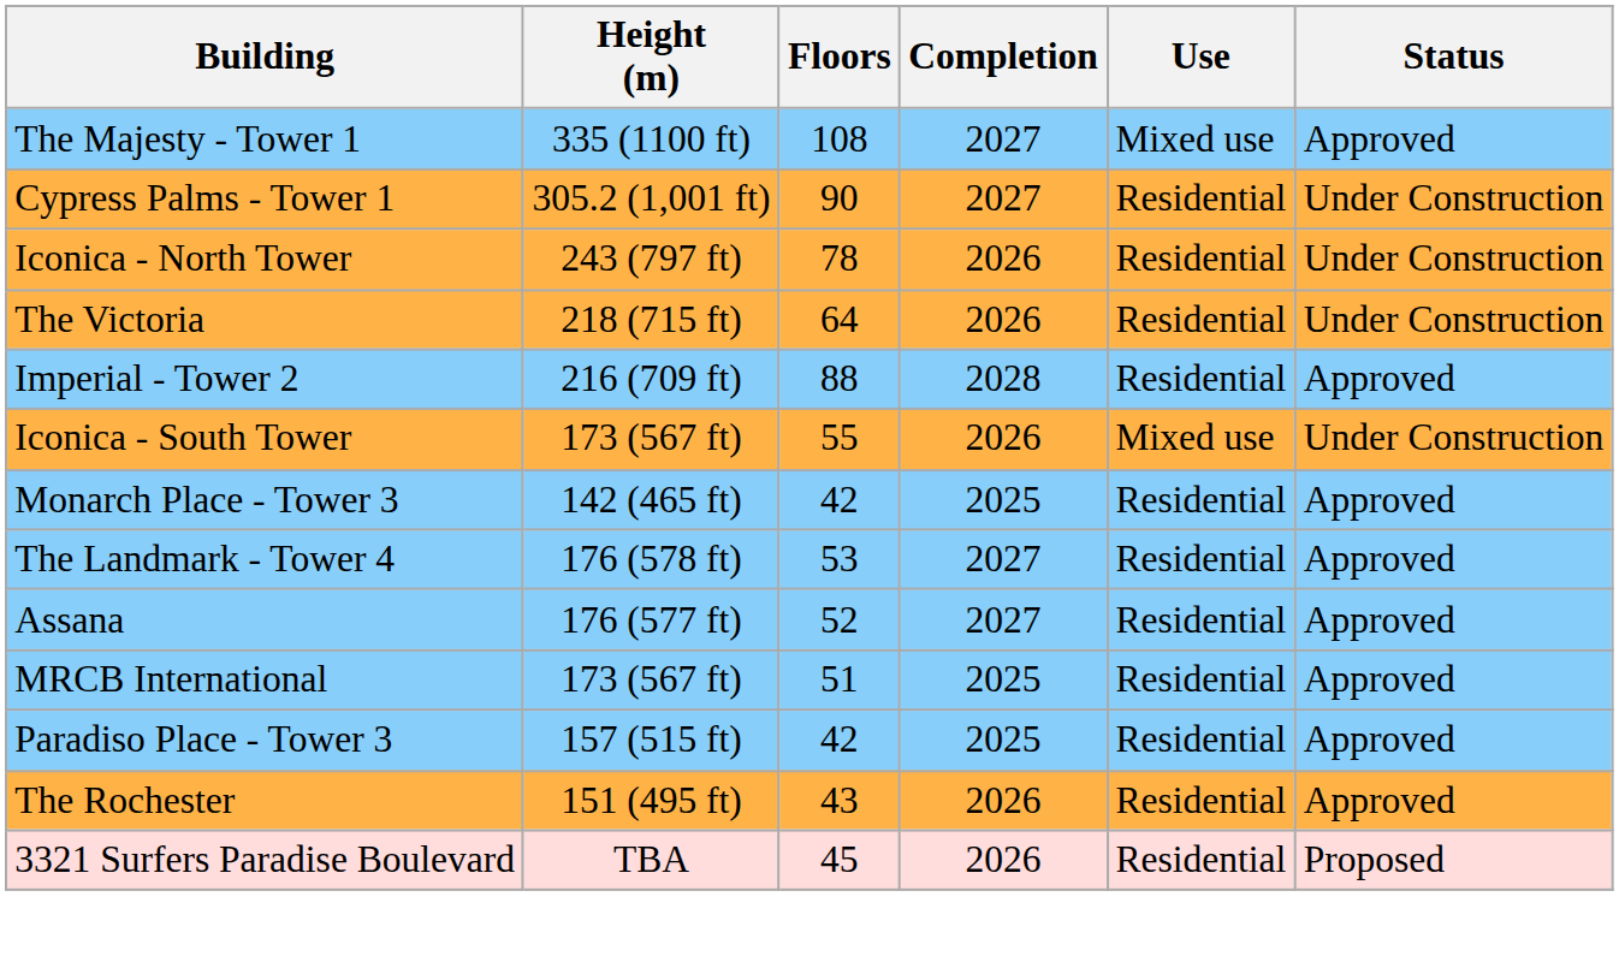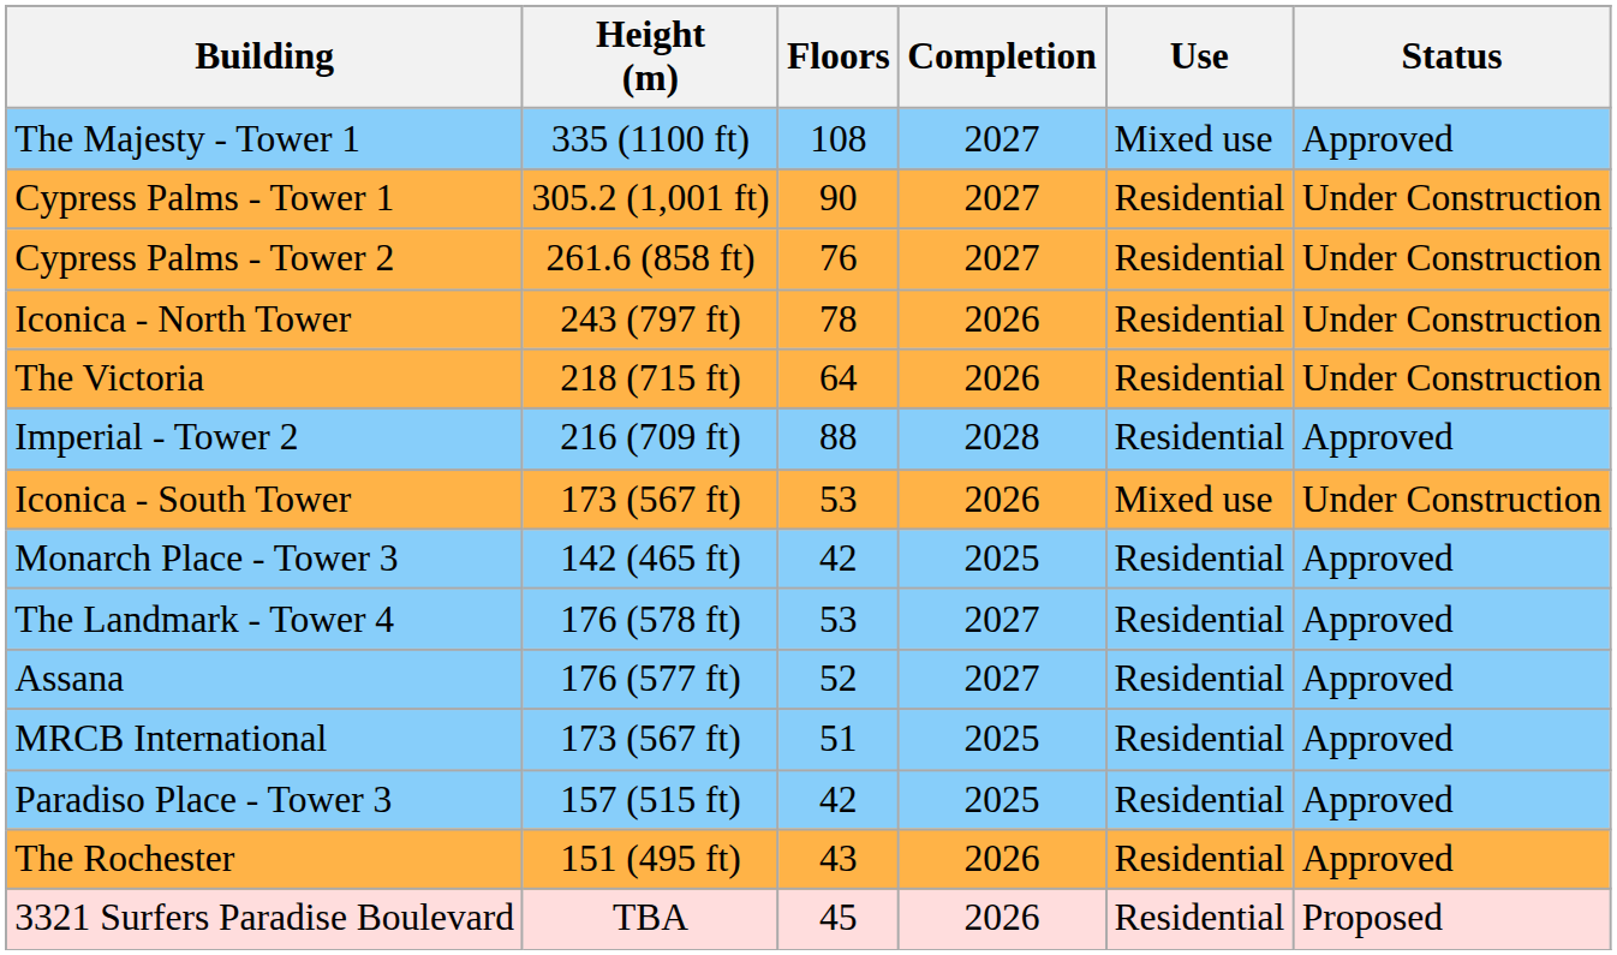 <table class="sortable wikitable">
 <tr>
 <th>Building</th>
 <th>Height<br>(m)</th>
 <th>Floors</th>
 <th>Completion</th>
 <th>Use</th>
 <th>Status</th>
 </tr>
 <tr style="width:40px; background:#87cefa;" | >
 <td>The Majesty - Tower 1</td>
 <td align="center">335 (1100 ft)</td>
 <td align="center">108</td>
 <td align="center">2027</td>
 <td>Mixed use</td>
 <td>Approved</td>
 </tr>
 <tr style="width:40px; background:#ffb347;" | >
 <td>Cypress Palms - Tower 1</td>
 <td align="center">305.2 (1,001 ft)</td>
 <td align="center">90</td>
+<td align="center">2027</td>
+<td>Residential</td>
+<td>Under Construction</td>
+</tr>
+<tr style="width:40px; background:#ffb347;" | >
+<td>Cypress Palms - Tower 2</td>
+<td align="center">261.6 (858 ft)</td>
+<td align="center">76</td>
 <td align="center">2027</td>
 <td>Residential</td>
 <td>Under Construction</td>
 </tr>
 <tr style="width:40px; background:#ffb347;" | >
 <td>Iconica - North Tower</td>
 <td align="center">243 (797 ft)</td>
 <td align="center">78</td>
 <td align="center">2026</td>
 <td>Residential</td>
 <td>Under Construction</td>
 </tr>
 <tr style="width:40px; background:#ffb347;" | >
 <td>The Victoria</td>
 <td align="center">218 (715 ft)</td>
 <td align="center">64</td>
 <td align="center">2026</td>
 <td>Residential</td>
 <td>Under Construction</td>
 </tr>
 <tr style="width:40px; background:#87cefa;" | >
 <td>Imperial - Tower 2</td>
 <td align="center">216 (709 ft)</td>
 <td align="center">88</td>
 <td align="center">2028</td>
 <td>Residential</td>
 <td>Approved</td>
 </tr>
 <tr style="width:40px; background:#ffb347;"| >
 <td>Iconica - South Tower</td>
 <td align="center">173 (567 ft)</td>
-<td align="center">55</td>
+<td align="center">53</td>
 <td align="center">2026</td>
 <td>Mixed use</td>
 <td>Under Construction</td>
 </tr>
 <tr style="width:40px; background:#87cefa;" | >
 <td>Monarch Place - Tower 3</td>
 <td align="center">142 (465 ft)</td>
 <td align="center">42</td>
 <td align="center">2025</td>
 <td>Residential</td>
 <td>Approved</td>
 </tr>
 <tr style="width:40px; background:#87cefa;"| >
 <td>The Landmark - Tower 4</td>
 <td align="center">176 (578 ft)</td>
 <td align="center">53</td>
 <td align="center">2027</td>
 <td>Residential</td>
 <td>Approved</td>
 </tr>
 <tr style="width:40px; background:#87cefa;"| >
 <td>Assana</td>
 <td align="center">176 (577 ft)</td>
 <td align="center">52</td>
 <td align="center">2027</td>
 <td>Residential</td>
 <td>Approved</td>
 </tr>
 <tr style="width:40px; background:#87cefa;" | >
 <td>MRCB International</td>
 <td align="center">173 (567 ft)</td>
 <td align="center">51</td>
 <td align="center">2025</td>
 <td>Residential</td>
 <td>Approved</td>
 </tr>
 <tr style="width:40px; background:#87cefa;" | >
 <td>Paradiso Place - Tower 3</td>
 <td align="center">157 (515 ft)</td>
 <td align="center">42</td>
 <td align="center">2025</td>
 <td>Residential</td>
 <td>Approved</td>
 </tr>
 <tr style="width:40px; background:#ffb347;"| >
 <td>The Rochester</td>
 <td align="center">151 (495 ft)</td>
 <td align="center">43</td>
 <td align="center">2026</td>
 <td>Residential</td>
 <td>Approved</td>
 </tr>
 <tr style="width:40px; background:#fdd;”| ">
 <td>3321 Surfers Paradise Boulevard</td>
 <td align="center">TBA</td>
 <td align="center">45</td>
 <td align="center">2026</td>
 <td>Residential</td>
 <td>Proposed</td>
 </tr>
 </table>
